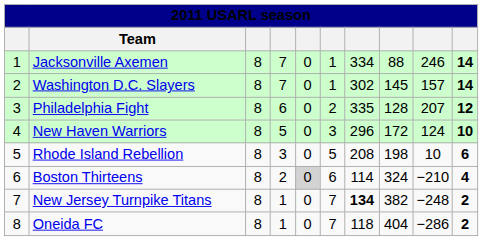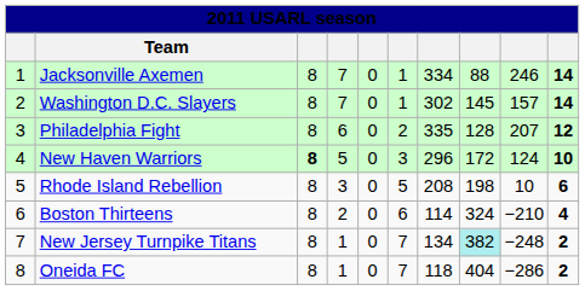 <table class="wikitable" style="text-align:center">
 <tr>
 <td bgcolor=darkblue align="center" colspan="11"><strong><span>2011 USARL season</span></strong></td>
 </tr>
 <tr>
 <th width="20"></th>
 <th width="230">Team</th>
 <th width="20"></th>
 <th width="20"></th>
 <th width="20"></th>
 <th width="20"></th>
 <th width="30"></th>
 <th width="30"></th>
 <th width="30"></th>
 <th width="20"></th>
 </tr>
 <tr style="background: #ccffcc;">
 <td>1</td>
 <td style="text-align:left;"> <a href='#'>Jacksonville Axemen</a></td>
 <td>8</td>
 <td>7</td>
 <td>0</td>
 <td>1</td>
 <td>334</td>
 <td>88</td>
 <td>246</td>
 <td><strong>14</strong></td>
 </tr>
 <tr style="background: #ccffcc;">
 <td>2</td>
 <td style="text-align:left;"> <a href='#'>Washington D.C. Slayers</a></td>
 <td>8</td>
 <td>7</td>
 <td>0</td>
 <td>1</td>
 <td>302</td>
 <td>145</td>
 <td>157</td>
 <td><strong>14</strong></td>
 </tr>
 <tr style="background: #ccffcc;">
 <td>3</td>
 <td style="text-align:left;"> <a href='#'>Philadelphia Fight</a></td>
 <td>8</td>
 <td>6</td>
 <td>0</td>
 <td>2</td>
 <td>335</td>
 <td>128</td>
 <td>207</td>
 <td><strong>12</strong></td>
 </tr>
 <tr style="background: #ccffcc;">
 <td>4</td>
 <td style="text-align:left;"> <a href='#'>New Haven Warriors</a></td>
-<td>8</td>
+<td><strong>8</strong></td>
 <td>5</td>
 <td>0</td>
 <td>3</td>
 <td>296</td>
 <td>172</td>
 <td>124</td>
 <td><strong>10</strong></td>
 </tr>
 <tr>
 <td>5</td>
 <td style="text-align:left;"> <a href='#'>Rhode Island Rebellion</a></td>
 <td>8</td>
 <td>3</td>
 <td>0</td>
 <td>5</td>
 <td>208</td>
 <td>198</td>
 <td>10</td>
 <td><strong>6</strong></td>
 </tr>
 <tr>
 <td>6</td>
 <td style="text-align:left;"> <a href='#'>Boston Thirteens</a></td>
 <td>8</td>
 <td>2</td>
-<td style="background: lightgrey;">0</td>
+<td>0</td>
 <td>6</td>
 <td>114</td>
 <td>324</td>
 <td>−210</td>
 <td><strong>4</strong></td>
 </tr>
 <tr>
 <td>7</td>
 <td style="text-align:left;"> <a href='#'>New Jersey Turnpike Titans</a></td>
 <td>8</td>
 <td>1</td>
 <td>0</td>
 <td>7</td>
-<td><strong>134</strong></td>
-<td>382</td>
+<td>134</td>
+<td style="background: paleturquoise;">382</td>
 <td>−248</td>
 <td><strong>2</strong></td>
 </tr>
 <tr>
 <td>8</td>
 <td style="text-align:left;"> <a href='#'>Oneida FC</a></td>
 <td>8</td>
 <td>1</td>
 <td>0</td>
 <td>7</td>
 <td>118</td>
 <td>404</td>
 <td>−286</td>
 <td><strong>2</strong></td>
 </tr>
 </table>
